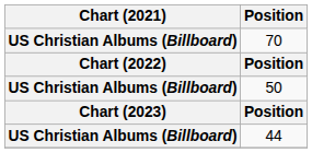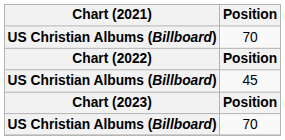 <table class="wikitable sortable plainrowheaders" style="text-align:center">
 <tr>
 <th scope="col">Chart (2021)</th>
 <th scope="col">Position</th>
 </tr>
 <tr>
 <th scope="row">US Christian Albums (<em>Billboard</em>)</th>
 <td>70</td>
 </tr>
 <tr>
 <th scope="col">Chart (2022)</th>
 <th scope="col">Position</th>
 </tr>
 <tr>
 <th scope="row">US Christian Albums (<em>Billboard</em>)</th>
-<td>50</td>
+<td>45</td>
 </tr>
 <tr>
 <th scope="col">Chart (2023)</th>
 <th scope="col">Position</th>
 </tr>
 <tr>
 <th scope="row">US Christian Albums (<em>Billboard</em>)</th>
-<td>44</td>
+<td>70</td>
 </tr>
 <tr>
 </tr>
 </table>
